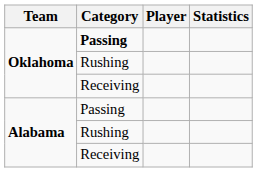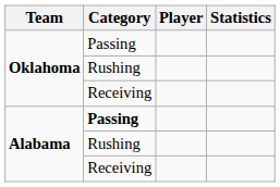 <table class="wikitable" style="float: right;">
 <tr>
 <th>Team</th>
 <th>Category</th>
 <th>Player</th>
 <th>Statistics</th>
 </tr>
 <tr>
 <td rowspan=3><strong>Oklahoma</strong></td>
-<td><strong>Passing</strong></td>
+<td>Passing</td>
 <td></td>
 <td></td>
 </tr>
 <tr>
 <td>Rushing</td>
 <td></td>
 <td></td>
 </tr>
 <tr>
 <td>Receiving</td>
 <td></td>
 <td></td>
 </tr>
 <tr>
 <td rowspan=3><strong>Alabama </strong></td>
-<td>Passing</td>
+<td><strong>Passing</strong></td>
 <td></td>
 <td></td>
 </tr>
 <tr>
 <td>Rushing</td>
 <td></td>
 <td></td>
 </tr>
 <tr>
 <td>Receiving</td>
 <td></td>
 <td></td>
 </tr>
 </table>
